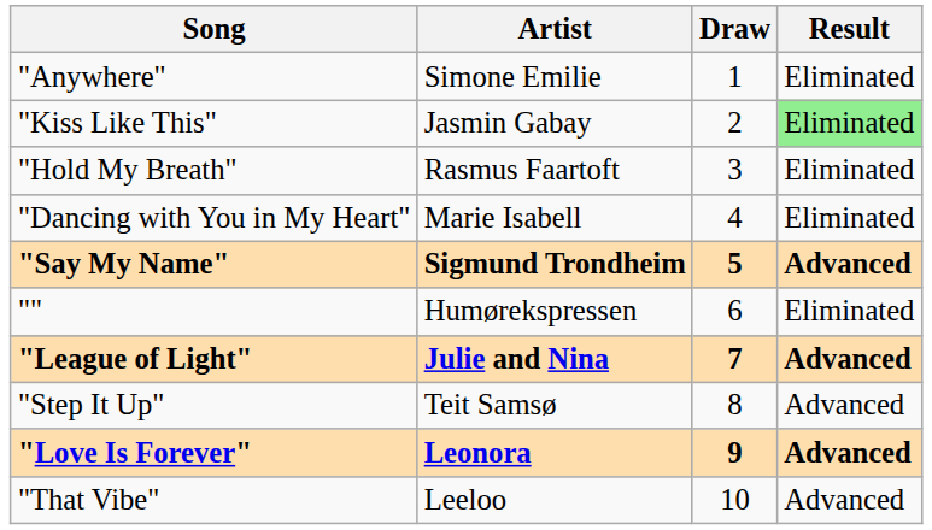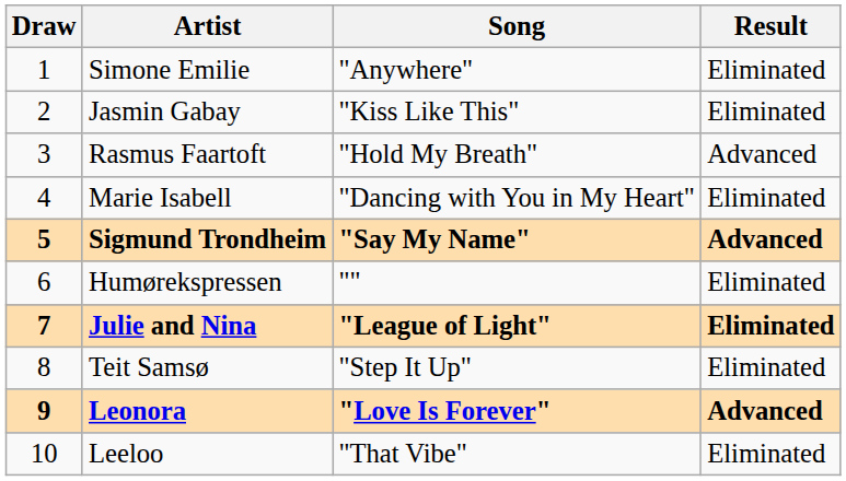 <table class="sortable wikitable" style="margin: 1em auto 1em auto; text-align:center">
 <tr>
+<th>Draw</th>
+<th>Artist</th>
 <th>Song</th>
-<th>Artist</th>
-<th>Draw</th>
 <th>Result</th>
 </tr>
 <tr>
+<td>1</td>
+<td align="left">Simone Emilie</td>
 <td align="left">"Anywhere"</td>
-<td align="left">Simone Emilie</td>
-<td>1</td>
 <td align="left">Eliminated</td>
 </tr>
 <tr>
+<td>2</td>
+<td align="left">Jasmin Gabay</td>
 <td align="left">"Kiss Like This"</td>
-<td align="left">Jasmin Gabay</td>
-<td>2</td>
-<td align="left" style="background: lightgreen;">Eliminated</td>
-</tr>
-<tr>
-<td align="left">"Hold My Breath"</td>
-<td align="left">Rasmus Faartoft</td>
-<td>3</td>
 <td align="left">Eliminated</td>
 </tr>
 <tr>
+<td>3</td>
+<td align="left">Rasmus Faartoft</td>
+<td align="left">"Hold My Breath"</td>
+<td align="left">Advanced</td>
+</tr>
+<tr>
+<td>4</td>
+<td align="left">Marie Isabell</td>
 <td align="left">"Dancing with You in My Heart"</td>
-<td align="left">Marie Isabell</td>
-<td>4</td>
 <td align="left">Eliminated</td>
 </tr>
 <tr style="font-weight:bold; background:navajowhite">
+<td>5</td>
+<td align="left">Sigmund Trondheim</td>
 <td align="left">"Say My Name"</td>
-<td align="left">Sigmund Trondheim</td>
-<td>5</td>
 <td align="left">Advanced</td>
 </tr>
 <tr>
+<td>6</td>
+<td align="left">Humørekspressen</td>
 <td align="left">""</td>
-<td align="left">Humørekspressen</td>
-<td>6</td>
 <td align="left">Eliminated</td>
 </tr>
 <tr style="font-weight:bold; background:navajowhite">
+<td>7</td>
+<td align="left"><a href='#'>Julie</a> and <a href='#'>Nina</a></td>
 <td align="left">"League of Light"</td>
-<td align="left"><a href='#'>Julie</a> and <a href='#'>Nina</a></td>
-<td>7</td>
+<td align="left">Eliminated</td>
+</tr>
+<tr>
+<td>8</td>
+<td align="left">Teit Samsø</td>
+<td align="left">"Step It Up"</td>
+<td align="left">Eliminated</td>
+</tr>
+<tr style="font-weight:bold; background:navajowhite">
+<td>9</td>
+<td align="left"><a href='#'>Leonora</a></td>
+<td align="left">"<a href='#'>Love Is Forever</a>"</td>
 <td align="left">Advanced</td>
 </tr>
 <tr>
-<td align="left">"Step It Up"</td>
-<td align="left">Teit Samsø</td>
-<td>8</td>
-<td align="left">Advanced</td>
-</tr>
-<tr style="font-weight:bold; background:navajowhite">
-<td align="left">"<a href='#'>Love Is Forever</a>"</td>
-<td align="left"><a href='#'>Leonora</a></td>
-<td>9</td>
-<td align="left">Advanced</td>
-</tr>
-<tr>
+<td>10</td>
+<td align="left">Leeloo</td>
 <td align="left">"That Vibe"</td>
-<td align="left">Leeloo</td>
-<td>10</td>
-<td align="left">Advanced</td>
+<td align="left">Eliminated</td>
 </tr>
 </table>
